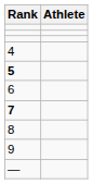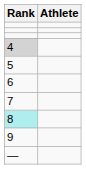 <table class="wikitable" style="text-align:left">
 <tr>
 <th>Rank</th>
 <th>Athlete</th>
 </tr>
 <tr>
 <td></td>
 <td align="left"></td>
 </tr>
 <tr>
 <td></td>
 <td align="left"></td>
 </tr>
 <tr>
 <td></td>
 <td align="left"></td>
 </tr>
 <tr>
-<td>4</td>
+<td style="background: lightgrey;">4</td>
 <td align="left"></td>
 </tr>
 <tr>
-<td><strong>5</strong></td>
+<td>5</td>
 <td align="left"></td>
 </tr>
 <tr>
 <td>6</td>
 <td align="left"></td>
 </tr>
 <tr>
-<td><strong>7</strong></td>
+<td>7</td>
 <td align="left"></td>
 </tr>
 <tr>
-<td>8</td>
+<td style="background: paleturquoise;">8</td>
 <td align="left"></td>
 </tr>
 <tr>
 <td>9</td>
 <td align="left"></td>
 </tr>
 <tr>
 <td>—</td>
 <td align="left"></td>
 </tr>
 </table>
